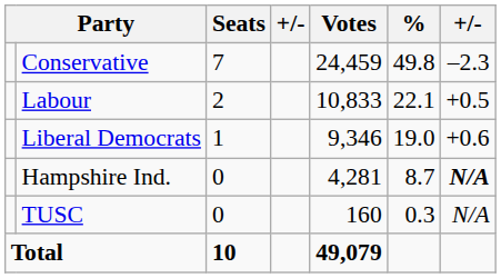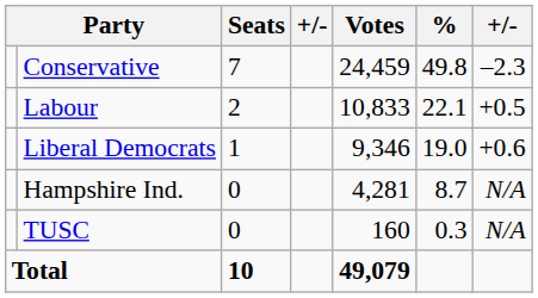 <table class="wikitable sortable">
 <tr>
 <th colspan="2">Party</th>
 <th>Seats</th>
 <th>+/-</th>
 <th>Votes</th>
 <th>%</th>
 <th>+/-</th>
 </tr>
 <tr>
 <td style="background-color: "></td>
 <td><a href='#'>Conservative</a></td>
 <td>7</td>
 <td></td>
 <td style="text-align:right;">24,459</td>
 <td style="text-align:right;">49.8</td>
 <td style="text-align:right;">–2.3</td>
 </tr>
 <tr>
 <td style="background-color: "></td>
 <td><a href='#'>Labour</a></td>
 <td>2</td>
 <td></td>
 <td style="text-align:right;">10,833</td>
 <td style="text-align:right;">22.1</td>
 <td style="text-align:right;">+0.5</td>
 </tr>
 <tr>
 <td style="background-color: "></td>
 <td><a href='#'>Liberal Democrats</a></td>
 <td>1</td>
 <td></td>
 <td style="text-align:right;">9,346</td>
 <td style="text-align:right;">19.0</td>
 <td style="text-align:right;">+0.6</td>
 </tr>
 <tr>
 <td style="background-color: "></td>
 <td>Hampshire Ind.</td>
 <td>0</td>
 <td></td>
 <td style="text-align:right;">4,281</td>
 <td style="text-align:right;">8.7</td>
-<td style="text-align:right;"><strong><em>N/A</em></strong></td>
+<td style="text-align:right;"><em>N/A</em></td>
 </tr>
 <tr>
 <td style="background-color: "></td>
 <td><a href='#'>TUSC</a></td>
 <td>0</td>
 <td></td>
 <td style="text-align:right;">160</td>
 <td style="text-align:right;">0.3</td>
 <td style="text-align:right;"><em>N/A</em></td>
 </tr>
 <tr>
 <td colspan="2"><strong>Total</strong></td>
 <td><strong>10</strong></td>
 <td></td>
 <td style="text-align:right;"><strong>49,079</strong></td>
 <td style="text-align:right;"></td>
 <td style="text-align:right;"></td>
 </tr>
 </table>
